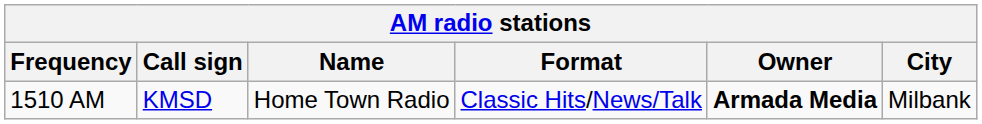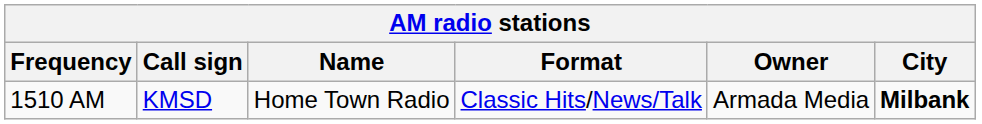 <table class="wikitable">
 <tr>
 <th align="center" colspan="6"><strong><a href='#'>AM radio</a> stations</strong></th>
 </tr>
 <tr>
 <th>Frequency</th>
 <th>Call sign</th>
 <th>Name</th>
 <th>Format</th>
 <th>Owner</th>
 <th>City</th>
 </tr>
 <tr>
 <td>1510 AM</td>
 <td><a href='#'>KMSD</a></td>
 <td>Home Town Radio</td>
 <td><a href='#'>Classic Hits</a>/<a href='#'>News/Talk</a></td>
-<td><strong>Armada Media</strong></td>
-<td>Milbank</td>
+<td>Armada Media</td>
+<td><strong>Milbank</strong></td>
 </tr>
 </table>
